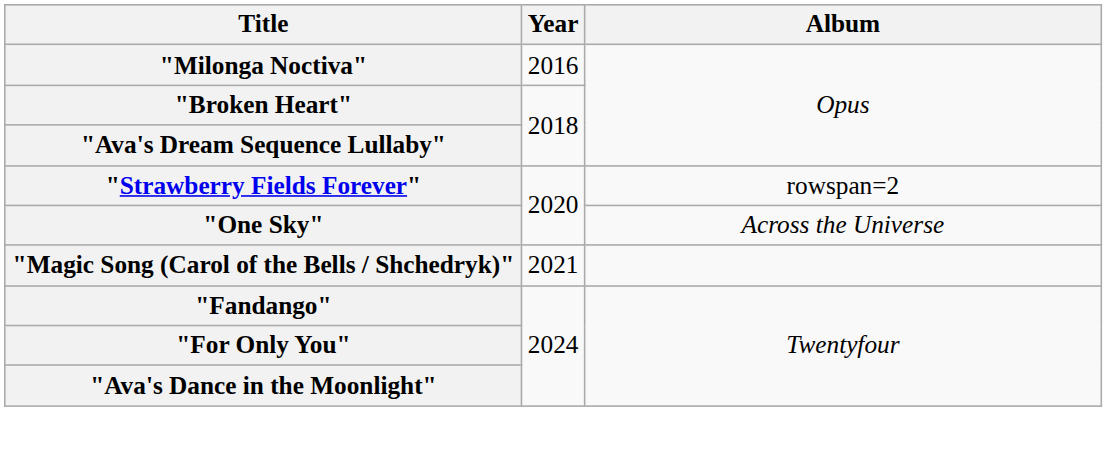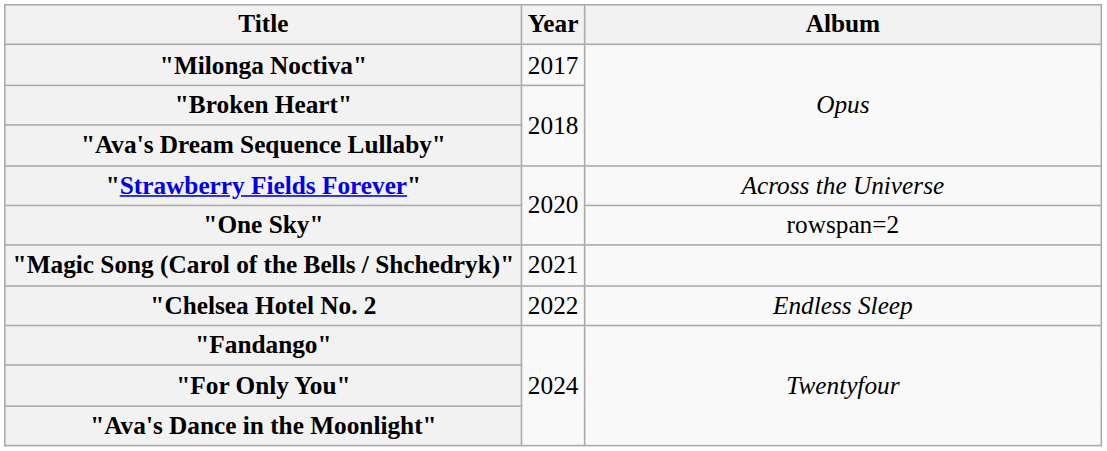 <table class="wikitable plainrowheaders" style="text-align:center;">
 <tr>
 <th rowspan="1" style="width:20em;">Title</th>
 <th rowspan="1" style="width:1em;">Year</th>
 <th rowspan="1" style="width:20em;">Album</th>
 </tr>
 <tr>
 <th scope="row">"Milonga Noctiva"<br> </th>
-<td>2016</td>
+<td>2017</td>
 <td rowspan=3><em>Opus</em></td>
 </tr>
 <tr>
 <th scope="row">"Broken Heart"</th>
 <td rowspan=2>2018</td>
 </tr>
 <tr>
 <th scope="row">"Ava's Dream Sequence Lullaby"</th>
 </tr>
 <tr>
 <th scope="row">"<a href='#'>Strawberry Fields Forever</a>"</th>
 <td rowspan=2>2020</td>
-<td>rowspan=2 </td>
+<td><em>Across the Universe</em></td>
 </tr>
 <tr>
 <th scope="row">"One Sky"</th>
-<td><em>Across the Universe</em></td>
+<td>rowspan=2 </td>
 </tr>
 <tr>
 <th scope="row">"Magic Song (Carol of the Bells / Shchedryk)"<br> </th>
 <td>2021</td>
+</tr>
+<tr>
+<th scope="row">"Chelsea Hotel No. 2<br> </th>
+<td>2022</td>
+<td><em>Endless Sleep</em></td>
 </tr>
 <tr>
 <th scope="row">"Fandango"</th>
 <td rowspan=3>2024</td>
 <td rowspan=3><em>Twentyfour</em></td>
 </tr>
 <tr>
 <th scope="row">"For Only You"</th>
 </tr>
 <tr>
 <th scope="row">"Ava's Dance in the Moonlight"</th>
 </tr>
 </table>
